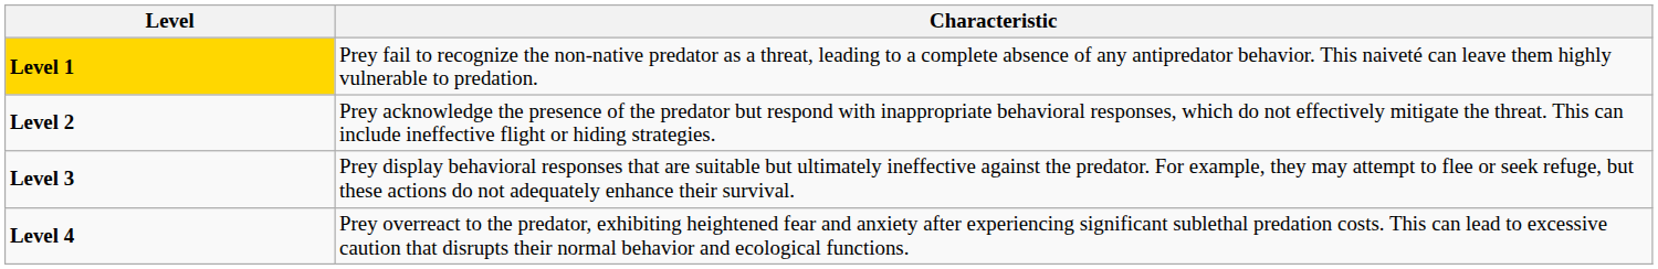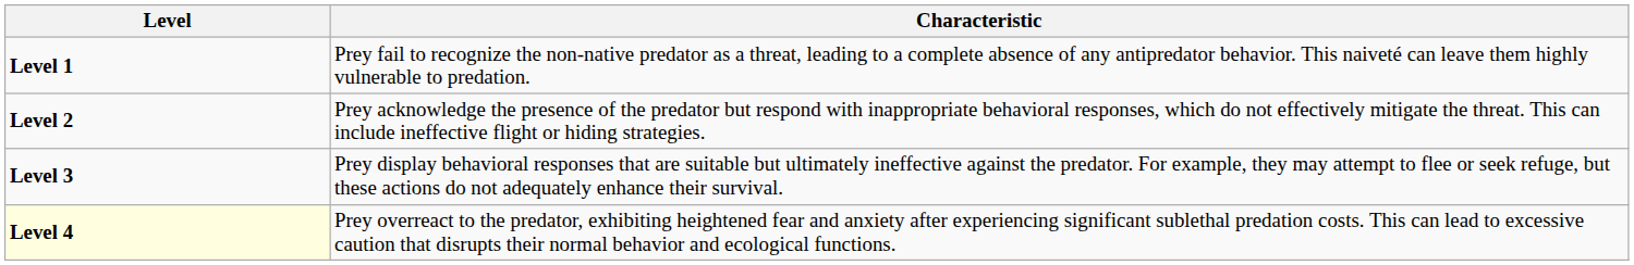 <table class="wikitable" style="width: 100%;">
 <tr>
 <th style="width: 20%;"><strong>Level</strong></th>
 <th style="width: 80%;"><strong>Characteristic</strong></th>
 </tr>
 <tr>
-<td style="background: gold;"><strong>Level 1</strong></td>
+<td><strong>Level 1</strong></td>
 <td>Prey fail to recognize the non-native predator as a threat, leading to a complete absence of any antipredator behavior. This naiveté can leave them highly vulnerable to predation.</td>
 </tr>
 <tr>
 <td><strong>Level 2</strong></td>
 <td>Prey acknowledge the presence of the predator but respond with inappropriate behavioral responses, which do not effectively mitigate the threat. This can include ineffective flight or hiding strategies.</td>
 </tr>
 <tr>
 <td><strong>Level 3</strong></td>
 <td>Prey display behavioral responses that are suitable but ultimately ineffective against the predator. For example, they may attempt to flee or seek refuge, but these actions do not adequately enhance their survival.</td>
 </tr>
 <tr>
-<td><strong>Level 4</strong></td>
+<td style="background: lightyellow;"><strong>Level 4</strong></td>
 <td>Prey overreact to the predator, exhibiting heightened fear and anxiety after experiencing significant sublethal predation costs. This can lead to excessive caution that disrupts their normal behavior and ecological functions.</td>
 </tr>
 </table>
